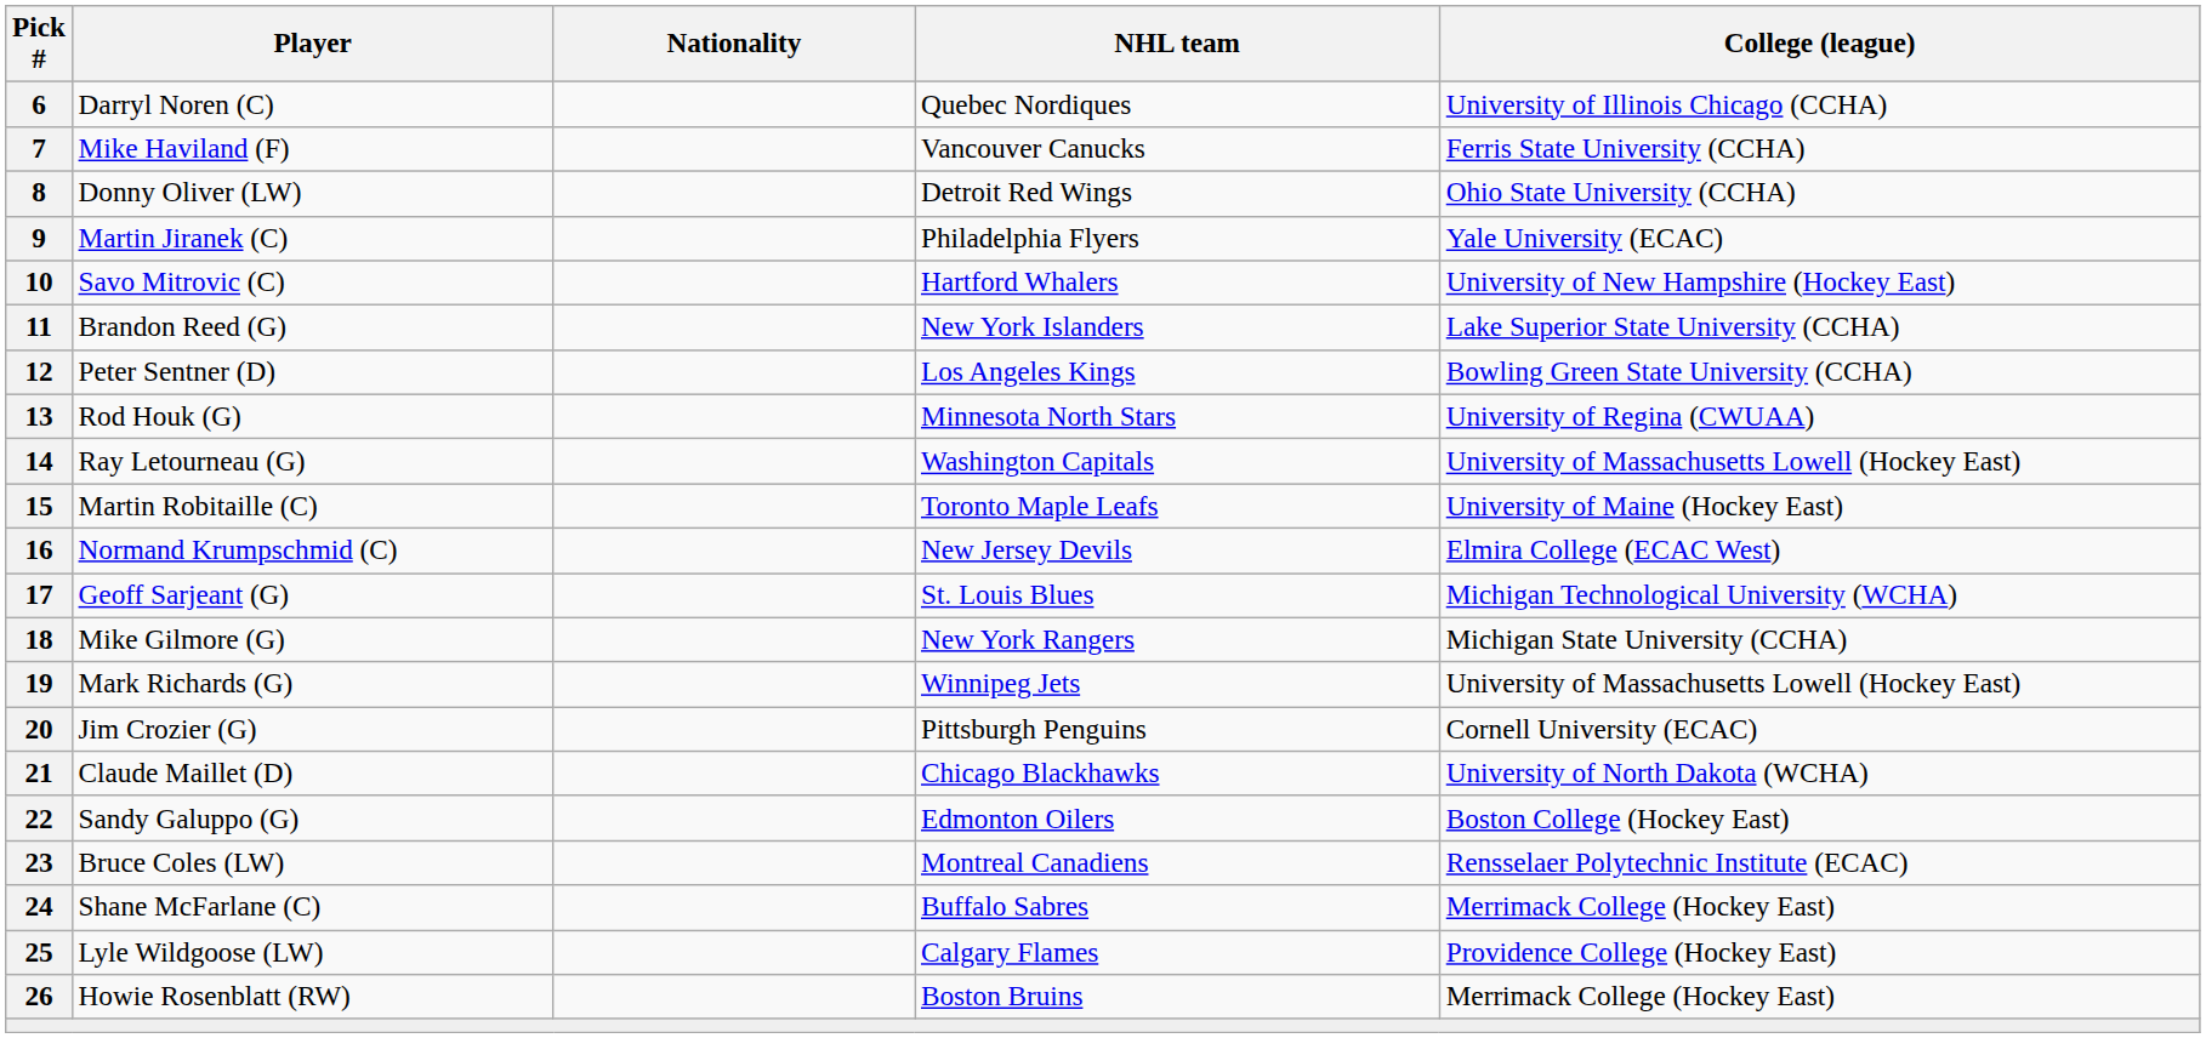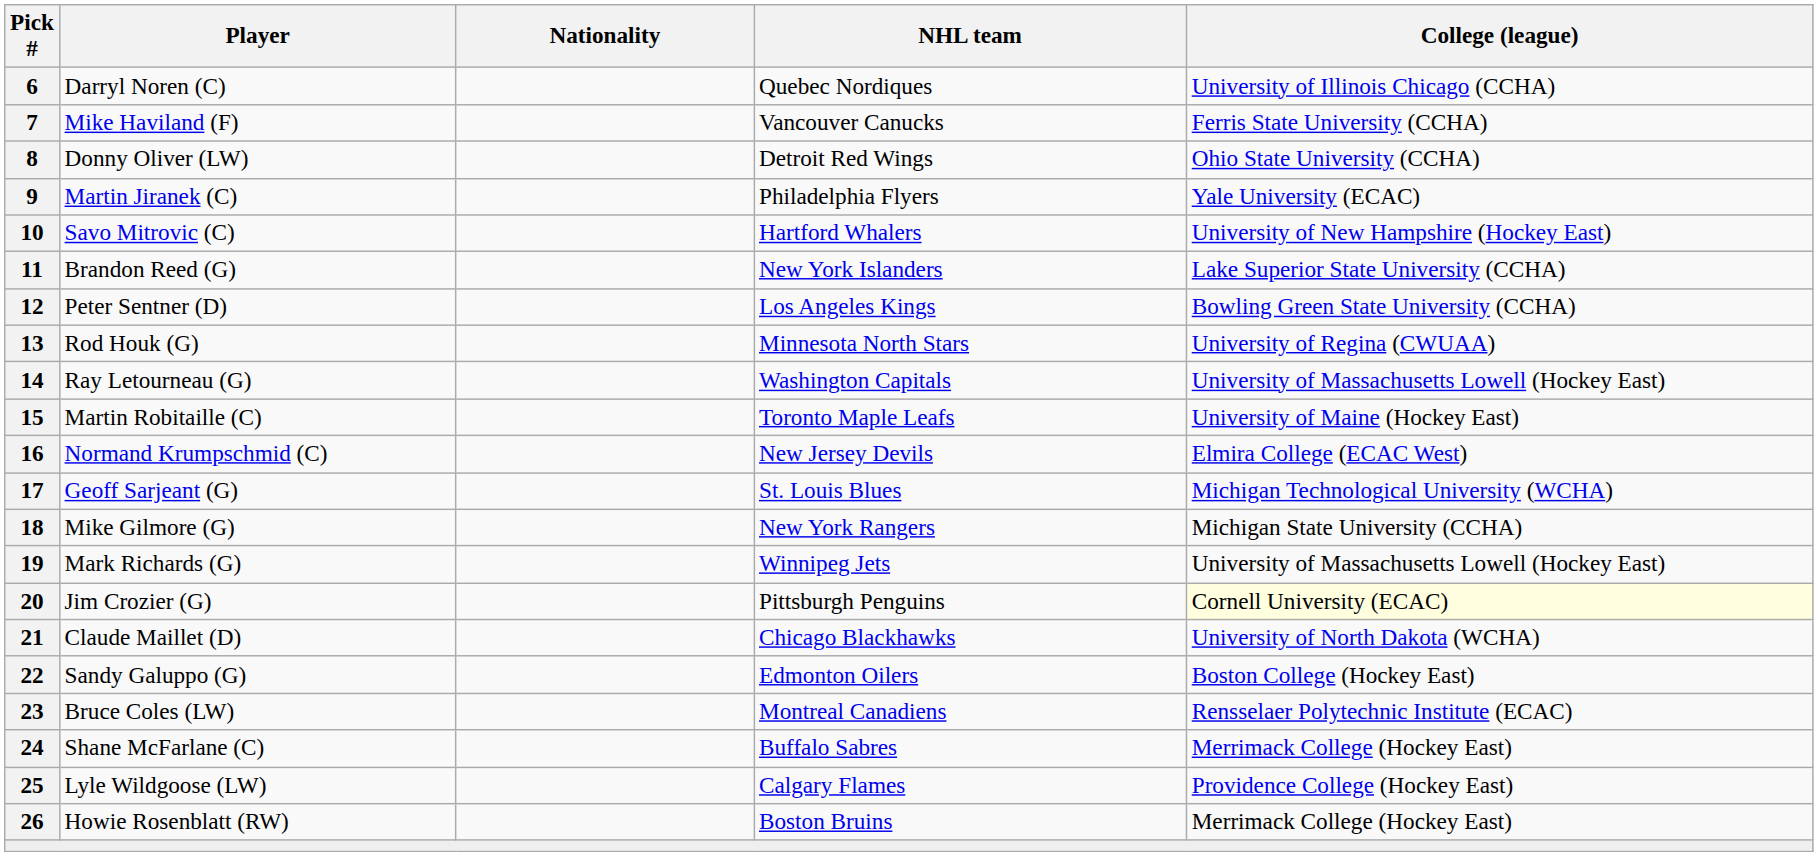 <table class="wikitable">
 <tr>
 <th bgcolor="#DDDDFF" width="2.75%">Pick #</th>
 <th bgcolor="#DDDDFF" width="22.0%">Player</th>
 <th bgcolor="#DDDDFF" width="16.5%">Nationality</th>
 <th bgcolor="#DDDDFF" width="24.0%">NHL team</th>
 <th bgcolor="#DDDDFF" width="100.0%">College (league)</th>
 </tr>
 <tr>
 <th>6</th>
 <td>Darryl Noren (C)</td>
 <td></td>
 <td>Quebec Nordiques</td>
 <td><a href='#'>University of Illinois Chicago</a> (CCHA)</td>
 </tr>
 <tr>
 <th>7</th>
 <td><a href='#'>Mike Haviland</a> (F)</td>
 <td></td>
 <td>Vancouver Canucks</td>
 <td><a href='#'>Ferris State University</a> (CCHA)</td>
 </tr>
 <tr>
 <th>8</th>
 <td>Donny Oliver (LW)</td>
 <td></td>
 <td>Detroit Red Wings</td>
 <td><a href='#'>Ohio State University</a> (CCHA)</td>
 </tr>
 <tr>
 <th>9</th>
 <td><a href='#'>Martin Jiranek</a> (C)</td>
 <td></td>
 <td>Philadelphia Flyers</td>
 <td><a href='#'>Yale University</a> (ECAC)</td>
 </tr>
 <tr>
 <th>10</th>
 <td><a href='#'>Savo Mitrovic</a> (C)</td>
 <td></td>
 <td><a href='#'>Hartford Whalers</a></td>
 <td><a href='#'>University of New Hampshire</a> (<a href='#'>Hockey East</a>)</td>
 </tr>
 <tr>
 <th>11</th>
 <td>Brandon Reed (G)</td>
 <td></td>
 <td><a href='#'>New York Islanders</a></td>
 <td><a href='#'>Lake Superior State University</a> (CCHA)</td>
 </tr>
 <tr>
 <th>12</th>
 <td>Peter Sentner (D)</td>
 <td></td>
 <td><a href='#'>Los Angeles Kings</a></td>
 <td><a href='#'>Bowling Green State University</a> (CCHA)</td>
 </tr>
 <tr>
 <th>13</th>
 <td>Rod Houk (G)</td>
 <td></td>
 <td><a href='#'>Minnesota North Stars</a></td>
 <td><a href='#'>University of Regina</a> (<a href='#'>CWUAA</a>)</td>
 </tr>
 <tr>
 <th>14</th>
 <td>Ray Letourneau (G)</td>
 <td></td>
 <td><a href='#'>Washington Capitals</a></td>
 <td><a href='#'>University of Massachusetts Lowell</a> (Hockey East)</td>
 </tr>
 <tr>
 <th>15</th>
 <td>Martin Robitaille (C)</td>
 <td></td>
 <td><a href='#'>Toronto Maple Leafs</a></td>
 <td><a href='#'>University of Maine</a> (Hockey East)</td>
 </tr>
 <tr>
 <th>16</th>
 <td><a href='#'>Normand Krumpschmid</a> (C)</td>
 <td></td>
 <td><a href='#'>New Jersey Devils</a></td>
 <td><a href='#'>Elmira College</a> (<a href='#'>ECAC West</a>)</td>
 </tr>
 <tr>
 <th>17</th>
 <td><a href='#'>Geoff Sarjeant</a> (G)</td>
 <td></td>
 <td><a href='#'>St. Louis Blues</a></td>
 <td><a href='#'>Michigan Technological University</a> (<a href='#'>WCHA</a>)</td>
 </tr>
 <tr>
 <th>18</th>
 <td>Mike Gilmore (G)</td>
 <td></td>
 <td><a href='#'>New York Rangers</a></td>
 <td>Michigan State University (CCHA)</td>
 </tr>
 <tr>
 <th>19</th>
 <td>Mark Richards (G)</td>
 <td></td>
 <td><a href='#'>Winnipeg Jets</a></td>
 <td>University of Massachusetts Lowell (Hockey East)</td>
 </tr>
 <tr>
 <th>20</th>
 <td>Jim Crozier (G)</td>
 <td></td>
 <td>Pittsburgh Penguins</td>
-<td>Cornell University (ECAC)</td>
+<td style="background: lightyellow;">Cornell University (ECAC)</td>
 </tr>
 <tr>
 <th>21</th>
 <td>Claude Maillet (D)</td>
 <td></td>
 <td><a href='#'>Chicago Blackhawks</a></td>
 <td><a href='#'>University of North Dakota</a> (WCHA)</td>
 </tr>
 <tr>
 <th>22</th>
 <td>Sandy Galuppo (G)</td>
 <td></td>
 <td><a href='#'>Edmonton Oilers</a></td>
 <td><a href='#'>Boston College</a> (Hockey East)</td>
 </tr>
 <tr>
 <th>23</th>
 <td>Bruce Coles (LW)</td>
 <td></td>
 <td><a href='#'>Montreal Canadiens</a></td>
 <td><a href='#'>Rensselaer Polytechnic Institute</a> (ECAC)</td>
 </tr>
 <tr>
 <th>24</th>
 <td>Shane McFarlane (C)</td>
 <td></td>
 <td><a href='#'>Buffalo Sabres</a></td>
 <td><a href='#'>Merrimack College</a> (Hockey East)</td>
 </tr>
 <tr>
 <th>25</th>
 <td>Lyle Wildgoose (LW)</td>
 <td></td>
 <td><a href='#'>Calgary Flames</a></td>
 <td><a href='#'>Providence College</a> (Hockey East)</td>
 </tr>
 <tr>
 <th>26</th>
 <td>Howie Rosenblatt (RW)</td>
 <td></td>
 <td><a href='#'>Boston Bruins</a></td>
 <td>Merrimack College (Hockey East)</td>
 </tr>
 <tr>
 <td align=center colspan="5" bgcolor="#efefef"></td>
 </tr>
 </table>
